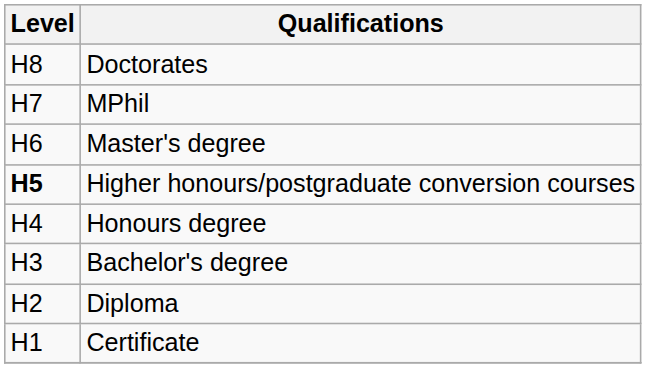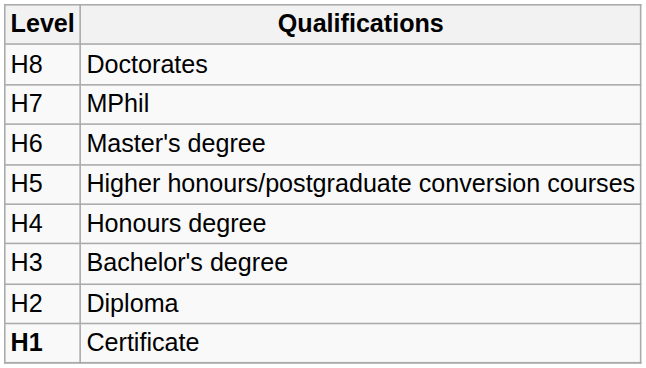 <table class="wikitable">
 <tr>
 <th>Level</th>
 <th>Qualifications</th>
 </tr>
 <tr>
 <td>H8</td>
 <td>Doctorates</td>
 </tr>
 <tr>
 <td>H7</td>
 <td>MPhil</td>
 </tr>
 <tr>
 <td>H6</td>
 <td>Master's degree</td>
 </tr>
 <tr>
-<td><strong>H5</strong></td>
+<td>H5</td>
 <td>Higher honours/postgraduate conversion courses</td>
 </tr>
 <tr>
 <td>H4</td>
 <td>Honours degree</td>
 </tr>
 <tr>
 <td>H3</td>
 <td>Bachelor's degree</td>
 </tr>
 <tr>
 <td>H2</td>
 <td>Diploma</td>
 </tr>
 <tr>
-<td>H1</td>
+<td><strong>H1</strong></td>
 <td>Certificate</td>
 </tr>
 <tr>
 </tr>
 </table>
